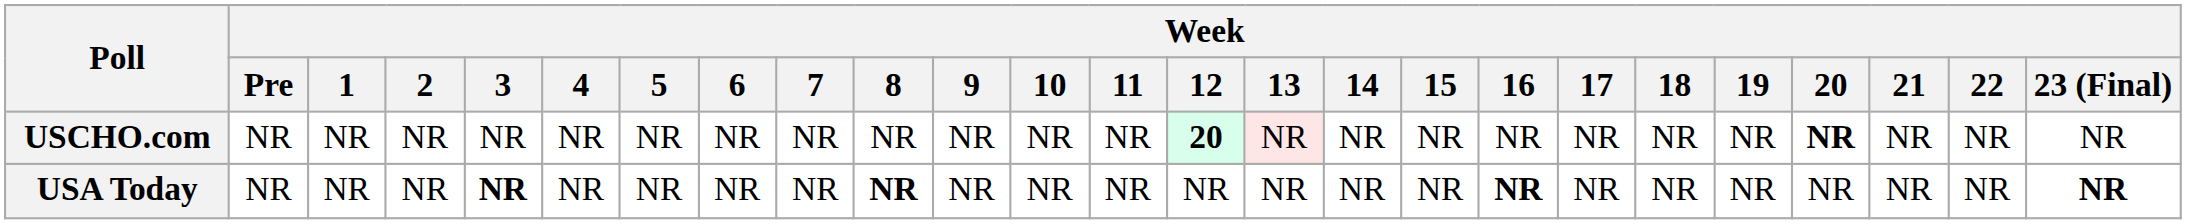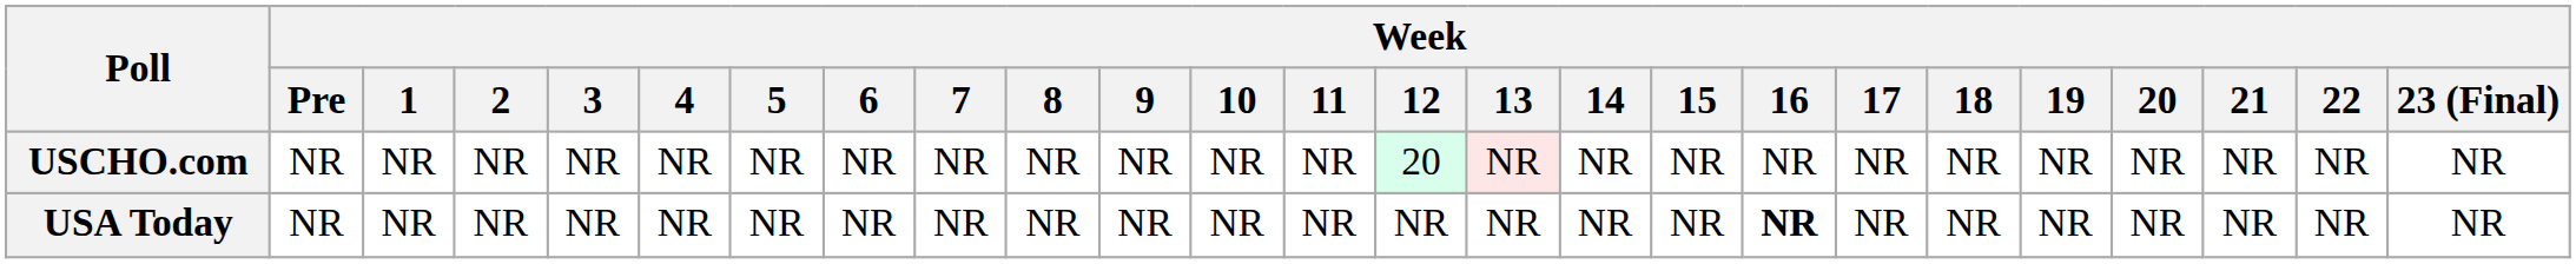 <table class="wikitable" style="white-space:nowrap;">
 <tr>
 <th scope="col" width="100" rowspan="2">Poll</th>
 <th colspan="25">Week</th>
 </tr>
 <tr>
 <th scope="col" width="30">Pre</th>
 <th scope="col" width="30">1</th>
 <th scope="col" width="30">2</th>
 <th scope="col" width="30">3</th>
 <th scope="col" width="30">4</th>
 <th scope="col" width="30">5</th>
 <th scope="col" width="30">6</th>
 <th scope="col" width="30">7</th>
 <th scope="col" width="30">8</th>
 <th scope="col" width="30">9</th>
 <th scope="col" width="30">10</th>
 <th scope="col" width="30">11</th>
 <th scope="col" width="30">12</th>
 <th scope="col" width="30">13</th>
 <th scope="col" width="30">14</th>
 <th scope="col" width="30">15</th>
 <th scope="col" width="30">16</th>
 <th scope="col" width="30">17</th>
 <th scope="col" width="30">18</th>
 <th scope="col" width="30">19</th>
 <th scope="col" width="30">20</th>
 <th scope="col" width="30">21</th>
 <th scope="col" width="30">22</th>
 <th scope="col" width="30">23 (Final)</th>
 </tr>
 <tr style="text-align:center;">
 <th>USCHO.com</th>
 <td bgcolor=FFFFFF>NR</td>
 <td bgcolor=FFFFFF>NR</td>
 <td bgcolor=FFFFFF>NR</td>
 <td bgcolor=FFFFFF>NR</td>
 <td bgcolor=FFFFFF>NR</td>
 <td bgcolor=FFFFFF>NR</td>
 <td bgcolor=FFFFFF>NR</td>
 <td bgcolor=FFFFFF>NR</td>
 <td bgcolor=FFFFFF>NR</td>
 <td bgcolor=FFFFFF>NR</td>
 <td bgcolor=FFFFFF>NR</td>
 <td bgcolor=FFFFFF>NR</td>
-<td bgcolor=D8FFEB><strong>20</strong></td>
+<td bgcolor=D8FFEB>20</td>
 <td bgcolor=FFE6E6>NR</td>
 <td bgcolor=FFFFFF>NR</td>
 <td bgcolor=FFFFFF>NR</td>
 <td bgcolor=FFFFFF>NR</td>
 <td bgcolor=FFFFFF>NR</td>
 <td bgcolor=FFFFFF>NR</td>
 <td bgcolor=FFFFFF>NR</td>
-<td bgcolor=FFFFFF><strong>NR</strong></td>
+<td bgcolor=FFFFFF>NR</td>
 <td bgcolor=FFFFFF>NR</td>
 <td bgcolor=FFFFFF>NR</td>
 <td bgcolor=FFFFFF>NR</td>
 </tr>
 <tr style="text-align:center;">
 <th>USA Today</th>
 <td bgcolor=FFFFFF>NR</td>
 <td bgcolor=FFFFFF>NR</td>
 <td bgcolor=FFFFFF>NR</td>
-<td bgcolor=FFFFFF><strong>NR</strong></td>
 <td bgcolor=FFFFFF>NR</td>
 <td bgcolor=FFFFFF>NR</td>
 <td bgcolor=FFFFFF>NR</td>
 <td bgcolor=FFFFFF>NR</td>
-<td bgcolor=FFFFFF><strong>NR</strong></td>
+<td bgcolor=FFFFFF>NR</td>
+<td bgcolor=FFFFFF>NR</td>
 <td bgcolor=FFFFFF>NR</td>
 <td bgcolor=FFFFFF>NR</td>
 <td bgcolor=FFFFFF>NR</td>
 <td bgcolor=FFFFFF>NR</td>
 <td bgcolor=FFFFFF>NR</td>
 <td bgcolor=FFFFFF>NR</td>
 <td bgcolor=FFFFFF>NR</td>
 <td bgcolor=FFFFFF><strong>NR</strong></td>
 <td bgcolor=FFFFFF>NR</td>
 <td bgcolor=FFFFFF>NR</td>
 <td bgcolor=FFFFFF>NR</td>
 <td bgcolor=FFFFFF>NR</td>
 <td bgcolor=FFFFFF>NR</td>
 <td bgcolor=FFFFFF>NR</td>
-<td bgcolor=FFFFFF><strong>NR</strong></td>
+<td bgcolor=FFFFFF>NR</td>
 </tr>
 </table>
